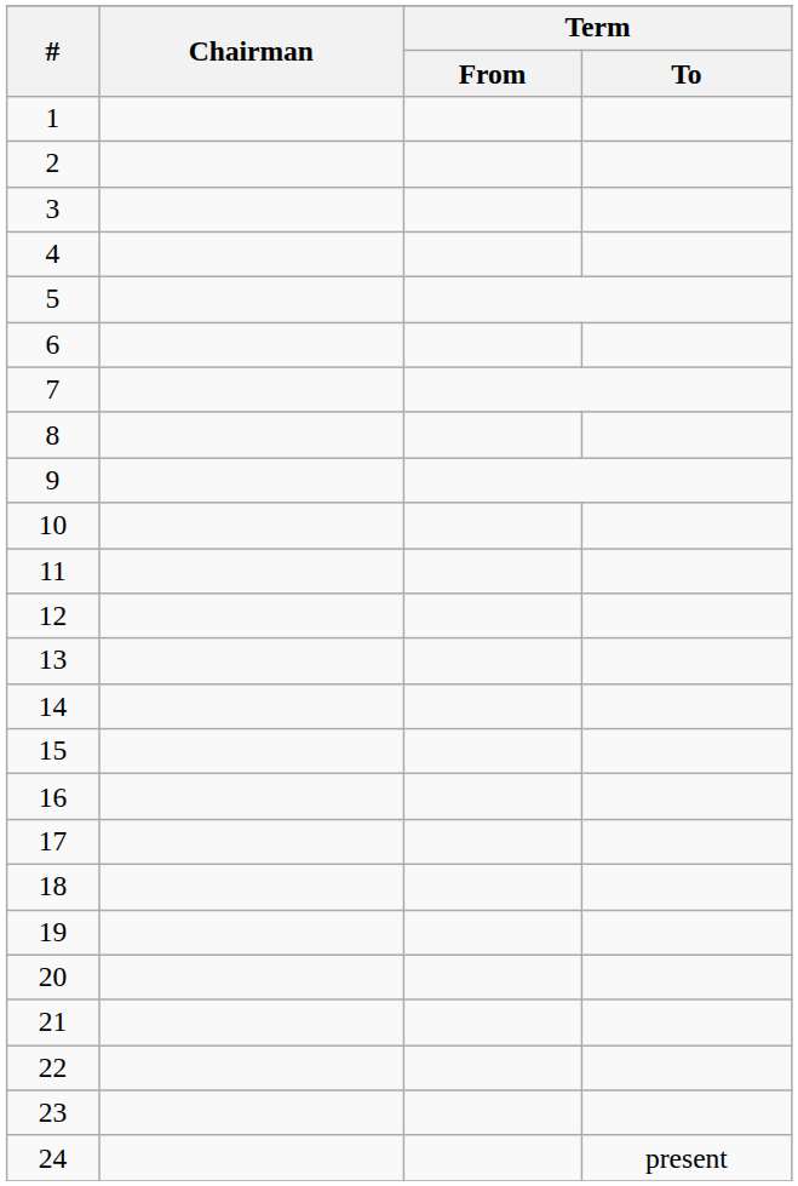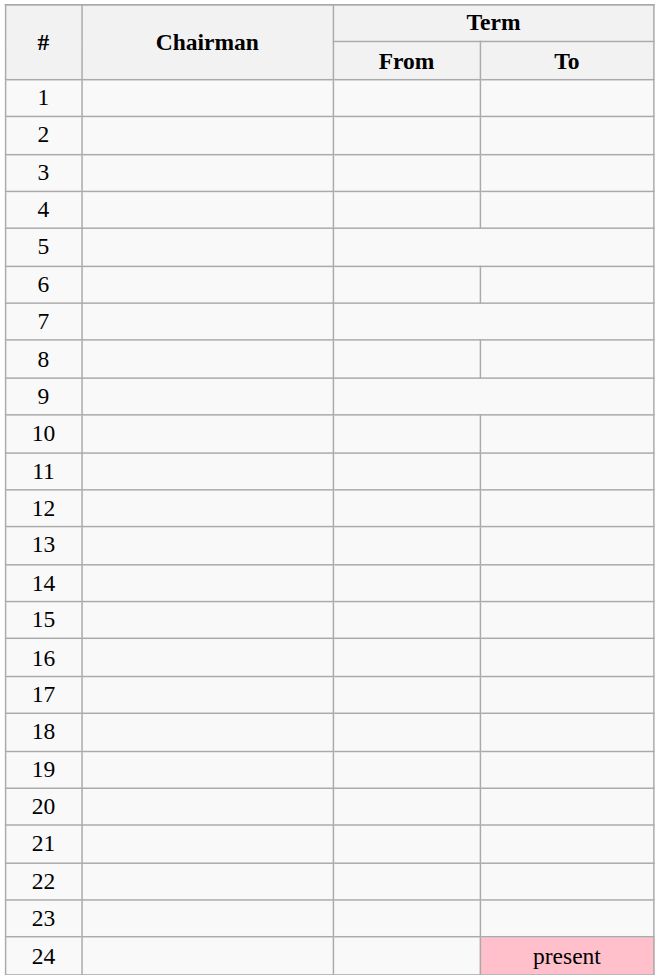 <table class="wikitable" style="margin-left: auto; margin-right: auto; text-align:center;" width=50%>
 <tr>
 </tr>
 <tr>
 <th rowspan=2>#</th>
 <th rowspan=2>Chairman</th>
 <th colspan=2>Term</th>
 </tr>
 <tr>
 <th>From</th>
 <th>To</th>
 </tr>
 <tr>
 <td>1</td>
 <td></td>
 <td></td>
 <td></td>
 </tr>
 <tr>
 <td>2</td>
 <td></td>
 <td></td>
 <td></td>
 </tr>
 <tr>
 <td>3</td>
 <td></td>
 <td></td>
 <td></td>
 </tr>
 <tr>
 <td>4</td>
 <td></td>
 <td></td>
 <td></td>
 </tr>
 <tr>
 <td>5</td>
 <td></td>
 <td colspan=2></td>
 </tr>
 <tr>
 <td>6</td>
 <td></td>
 <td></td>
 <td></td>
 </tr>
 <tr>
 <td>7</td>
 <td></td>
 <td colspan=2></td>
 </tr>
 <tr>
 <td>8</td>
 <td></td>
 <td></td>
 <td></td>
 </tr>
 <tr>
 <td>9</td>
 <td></td>
 <td colspan=2></td>
 </tr>
 <tr>
 <td>10</td>
 <td></td>
 <td></td>
 <td></td>
 </tr>
 <tr>
 <td>11</td>
 <td></td>
 <td></td>
 <td></td>
 </tr>
 <tr>
 <td>12</td>
 <td></td>
 <td></td>
 <td></td>
 </tr>
 <tr>
 <td>13</td>
 <td></td>
 <td></td>
 <td></td>
 </tr>
 <tr>
 <td>14</td>
 <td></td>
 <td></td>
 <td></td>
 </tr>
 <tr>
 <td>15</td>
 <td></td>
 <td></td>
 <td></td>
 </tr>
 <tr>
 <td>16</td>
 <td></td>
 <td></td>
 <td></td>
 </tr>
 <tr>
 <td>17</td>
 <td></td>
 <td></td>
 <td></td>
 </tr>
 <tr>
 <td>18</td>
 <td></td>
 <td></td>
 <td></td>
 </tr>
 <tr>
 <td>19</td>
 <td></td>
 <td></td>
 <td></td>
 </tr>
 <tr>
 <td>20</td>
 <td></td>
 <td></td>
 <td></td>
 </tr>
 <tr>
 <td>21</td>
 <td></td>
 <td></td>
 <td></td>
 </tr>
 <tr>
 <td>22</td>
 <td></td>
 <td></td>
 <td></td>
 </tr>
 <tr>
 <td>23</td>
 <td></td>
 <td></td>
 <td></td>
 </tr>
 <tr>
 <td>24</td>
 <td></td>
 <td></td>
-<td>present</td>
+<td style="background: pink;">present</td>
 </tr>
 </table>
